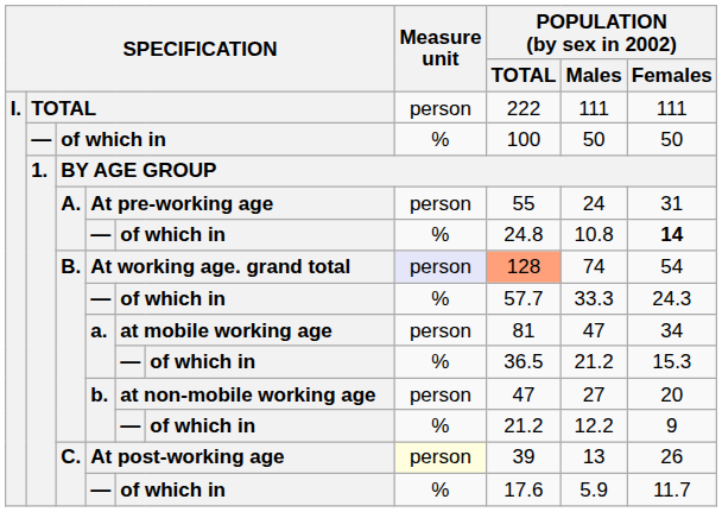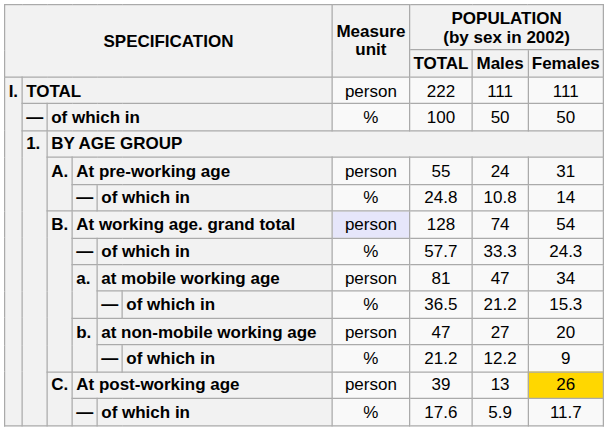 <table class="wikitable" style="font-size:85%; text-align:center">
 <tr>
 <th rowspan="2" colspan="6">SPECIFICATION</th>
 <th rowspan="2">Measure<br> unit</th>
 <th colspan="3" rowspan="1">POPULATION<br> (by sex in 2002)</th>
 </tr>
 <tr>
 <th>TOTAL</th>
 <th>Males</th>
 <th>Females</th>
 </tr>
 <tr>
 <th style="text-align:left" valign="top" rowspan="13">I.</th>
 <th style="text-align:left" colspan="5">TOTAL</th>
 <td>person</td>
 <td>222</td>
 <td>111</td>
 <td>111</td>
 </tr>
 <tr>
 <th style="text-align:left" valign="top">—</th>
 <th style="text-align:left" colspan="4">of which in</th>
 <td>%</td>
 <td>100</td>
 <td>50</td>
 <td>50</td>
 </tr>
 <tr>
 <th style="text-align:left" valign="top" rowspan="11">1.</th>
 <th style="text-align:left" colspan="19">BY AGE GROUP</th>
 </tr>
 <tr>
 <th style="text-align:left" valign="top" rowspan="2">A.</th>
 <th style="text-align:left" colspan="3">At pre-working age</th>
 <td>person</td>
 <td>55</td>
 <td>24</td>
 <td>31</td>
 </tr>
 <tr>
 <th style="text-align:left" valign="top">—</th>
 <th style="text-align:left" valign="top" colspan="2">of which in</th>
 <td>%</td>
 <td>24.8</td>
 <td>10.8</td>
-<td><strong>14</strong></td>
+<td>14</td>
 </tr>
 <tr>
 <th style="text-align:left" valign="top" rowspan="6">B.</th>
 <th style="text-align:left" colspan="3">At working age. grand total</th>
 <td style="background: lavender;">person</td>
-<td style="background: lightsalmon;">128</td>
+<td>128</td>
 <td>74</td>
 <td>54</td>
 </tr>
 <tr>
 <th style="text-align:left" valign="top">—</th>
 <th style="text-align:left" valign="top" colspan="2">of which in</th>
 <td>%</td>
 <td>57.7</td>
 <td>33.3</td>
 <td>24.3</td>
 </tr>
 <tr>
 <th style="text-align:left" valign="top" rowspan="2">a.</th>
 <th style="text-align:left" colspan="2">at mobile working age</th>
 <td>person</td>
 <td>81</td>
 <td>47</td>
 <td>34</td>
 </tr>
 <tr>
 <th style="text-align:left" valign="top">—</th>
 <th style="text-align:left" valign="top" colspan="1">of which in                        </th>
 <td>%</td>
 <td>36.5</td>
 <td>21.2</td>
 <td>15.3</td>
 </tr>
 <tr>
 <th style="text-align:left" valign="top" rowspan="2">b.</th>
 <th style="text-align:left" colspan="2">at non-mobile working age</th>
 <td>person</td>
 <td>47</td>
 <td>27</td>
 <td>20</td>
 </tr>
 <tr>
 <th style="text-align:left" valign="top">—</th>
 <th style="text-align:left" valign="top" colspan="1">of which in                        </th>
 <td>%</td>
 <td>21.2</td>
 <td>12.2</td>
 <td>9</td>
 </tr>
 <tr>
 <th style="text-align:left" valign="top" rowspan="2">C.</th>
 <th style="text-align:left" colspan="3">At post-working age</th>
-<td style="background: lightyellow;">person</td>
+<td>person</td>
 <td>39</td>
 <td>13</td>
-<td>26</td>
+<td style="background: gold;">26</td>
 </tr>
 <tr>
 <th style="text-align:left" valign="top">—</th>
 <th style="text-align:left" valign="top" colspan="2">of which in</th>
 <td>%</td>
 <td>17.6</td>
 <td>5.9</td>
 <td>11.7</td>
 </tr>
 </table>
